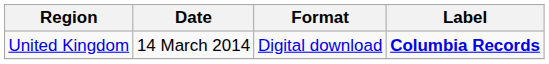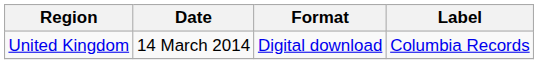 <table class=wikitable>
 <tr>
 <th>Region</th>
 <th>Date</th>
 <th>Format</th>
 <th>Label</th>
 </tr>
 <tr>
 <td><a href='#'>United Kingdom</a></td>
 <td>14 March 2014</td>
 <td><a href='#'>Digital download</a></td>
-<td><strong><a href='#'>Columbia Records</a></strong></td>
+<td><a href='#'>Columbia Records</a></td>
 </tr>
 <tr>
 </tr>
 </table>
